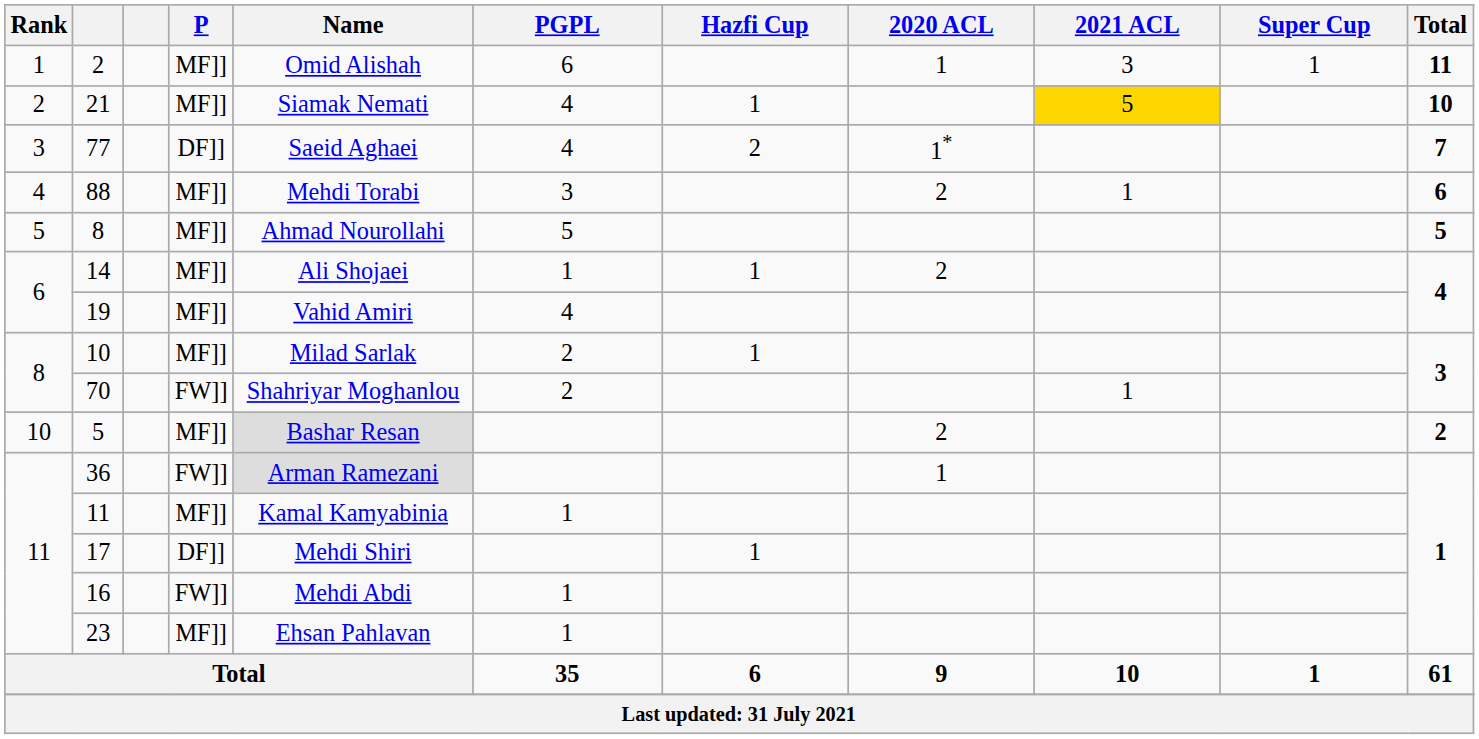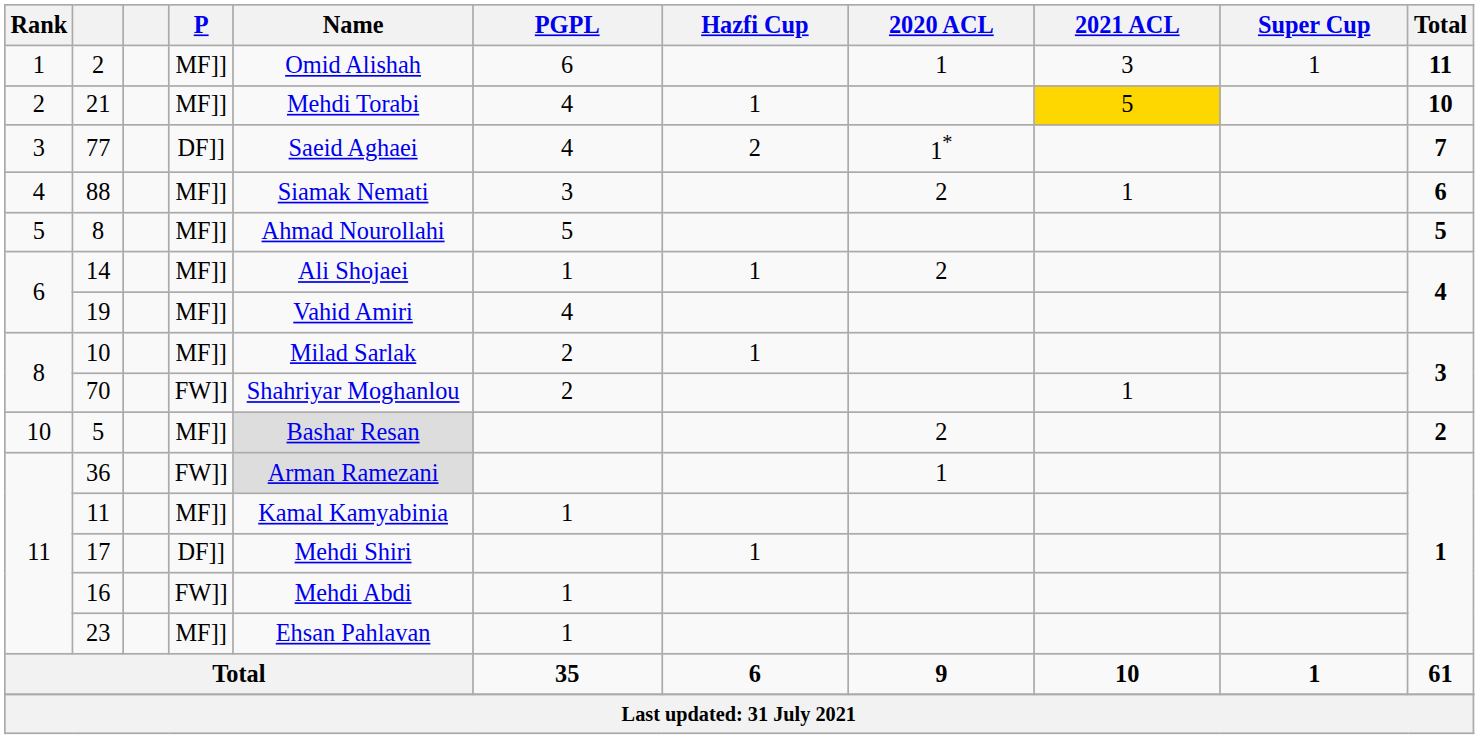 <table class="wikitable" style="text-align:center; font-size:90%">
 <tr>
 <th width=25>Rank</th>
 <th width=25></th>
 <th width=25></th>
 <th width=25><a href='#'>P</a></th>
 <th width=150>Name</th>
 <th width=120><a href='#'>PGPL</a></th>
 <th width=120><a href='#'>Hazfi Cup</a></th>
 <th width=120><a href='#'>2020 ACL</a></th>
 <th width=120><a href='#'>2021 ACL</a></th>
 <th width=120><a href='#'>Super Cup</a></th>
 <th>Total</th>
 </tr>
 <tr>
 <td>1</td>
 <td>2</td>
 <td></td>
 <td [[>MF]]</td>
 <td><a href='#'>Omid Alishah</a></td>
 <td>6</td>
 <td></td>
 <td>1</td>
 <td>3</td>
 <td>1</td>
 <td><strong>11</strong></td>
 </tr>
 <tr>
 <td>2</td>
 <td>21</td>
 <td></td>
 <td [[>MF]]</td>
-<td><a href='#'>Siamak Nemati</a></td>
+<td><a href='#'>Mehdi Torabi</a></td>
 <td>4</td>
 <td>1</td>
 <td></td>
 <td style="background:Gold">5</td>
 <td></td>
 <td><strong>10</strong></td>
 </tr>
 <tr>
 <td>3</td>
 <td>77</td>
 <td></td>
 <td [[>DF]]</td>
 <td><a href='#'>Saeid Aghaei</a></td>
 <td>4</td>
 <td>2</td>
 <td>1<sup>*</sup></td>
 <td></td>
 <td></td>
 <td><strong>7</strong></td>
 </tr>
 <tr>
 <td>4</td>
 <td>88</td>
 <td></td>
 <td [[>MF]]</td>
-<td><a href='#'>Mehdi Torabi</a></td>
+<td><a href='#'>Siamak Nemati</a></td>
 <td>3</td>
 <td></td>
 <td>2</td>
 <td>1</td>
 <td></td>
 <td><strong>6</strong></td>
 </tr>
 <tr>
 <td>5</td>
 <td>8</td>
 <td></td>
 <td [[>MF]]</td>
 <td><a href='#'>Ahmad Nourollahi</a></td>
 <td>5</td>
 <td></td>
 <td></td>
 <td></td>
 <td></td>
 <td><strong>5</strong></td>
 </tr>
 <tr>
 <td rowspan="2">6</td>
 <td>14</td>
 <td></td>
 <td [[>MF]]</td>
 <td><a href='#'>Ali Shojaei</a></td>
 <td>1</td>
 <td>1</td>
 <td>2</td>
 <td></td>
 <td></td>
 <td rowspan="2"><strong>4</strong></td>
 </tr>
 <tr>
 <td>19</td>
 <td></td>
 <td [[>MF]]</td>
 <td><a href='#'>Vahid Amiri</a></td>
 <td>4</td>
 <td></td>
 <td></td>
 <td></td>
 <td></td>
 </tr>
 <tr>
 <td rowspan="2">8</td>
 <td>10</td>
 <td></td>
 <td [[>MF]]</td>
 <td><a href='#'>Milad Sarlak</a></td>
 <td>2</td>
 <td>1</td>
 <td></td>
 <td></td>
 <td></td>
 <td rowspan="2"><strong>3</strong></td>
 </tr>
 <tr>
 <td>70</td>
 <td></td>
 <td [[>FW]]</td>
 <td><a href='#'>Shahriyar Moghanlou</a></td>
 <td>2</td>
 <td></td>
 <td></td>
 <td>1</td>
 <td></td>
 </tr>
 <tr>
 <td>10</td>
 <td>5</td>
 <td></td>
 <td [[>MF]]</td>
 <td style="background:#DDDDDD"><a href='#'>Bashar Resan</a></td>
 <td></td>
 <td></td>
 <td>2</td>
 <td></td>
 <td></td>
 <td><strong>2</strong></td>
 </tr>
 <tr>
 <td rowspan=5>11</td>
 <td>36</td>
 <td></td>
 <td [[>FW]]</td>
 <td style="background:#DDDDDD"><a href='#'>Arman Ramezani</a></td>
 <td></td>
 <td></td>
 <td>1</td>
 <td></td>
 <td></td>
 <td rowspan=5><strong>1</strong></td>
 </tr>
 <tr>
 <td>11</td>
 <td></td>
 <td [[>MF]]</td>
 <td><a href='#'>Kamal Kamyabinia</a></td>
 <td>1</td>
 <td></td>
 <td></td>
 <td></td>
 <td></td>
 </tr>
 <tr>
 <td>17</td>
 <td></td>
 <td [[>DF]]</td>
 <td><a href='#'>Mehdi Shiri</a></td>
 <td></td>
 <td>1</td>
 <td></td>
 <td></td>
 <td></td>
 </tr>
 <tr>
 <td>16</td>
 <td></td>
 <td [[>FW]]</td>
 <td><a href='#'>Mehdi Abdi</a></td>
 <td>1</td>
 <td></td>
 <td></td>
 <td></td>
 <td></td>
 </tr>
 <tr>
 <td>23</td>
 <td></td>
 <td [[>MF]]</td>
 <td><a href='#'>Ehsan Pahlavan</a></td>
 <td>1</td>
 <td></td>
 <td></td>
 <td></td>
 <td></td>
 </tr>
 <tr>
 <th colspan=5>Total</th>
 <td><strong>35</strong></td>
 <td><strong>6</strong></td>
 <td><strong>9</strong></td>
 <td><strong>10</strong></td>
 <td><strong>1</strong></td>
 <td><strong>61</strong></td>
 </tr>
 <tr>
 </tr>
 <tr align="left" style="background:#DCDCDC">
 <th colspan="11"><small>Last updated: 31 July 2021</small></th>
 </tr>
 </table>
